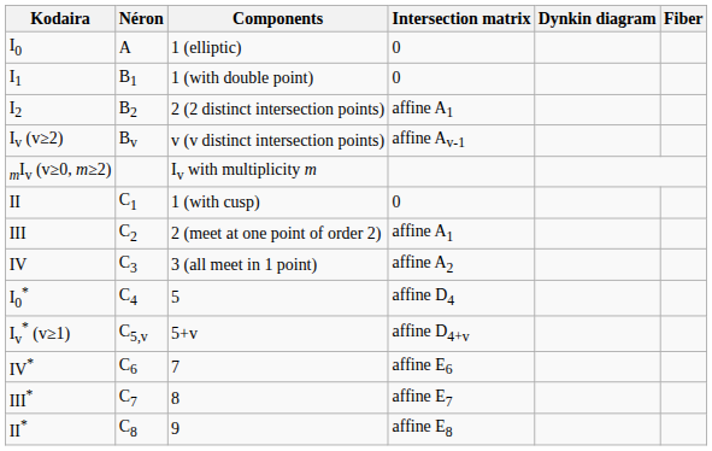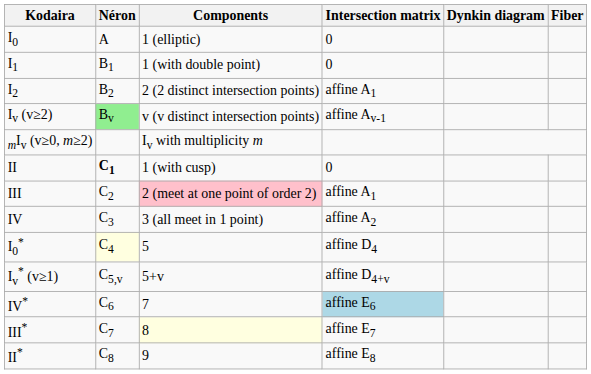 <table class="wikitable">
 <tr>
 <th>Kodaira</th>
 <th>Néron</th>
 <th>Components</th>
 <th>Intersection matrix</th>
 <th>Dynkin diagram</th>
 <th>Fiber</th>
 </tr>
 <tr>
 <td>I<sub>0</sub></td>
 <td>A</td>
 <td>1 (elliptic)</td>
 <td>0</td>
 <td></td>
 <td></td>
 </tr>
 <tr>
 <td>I<sub>1</sub></td>
 <td>B<sub>1</sub></td>
 <td>1 (with double point)</td>
 <td>0</td>
 <td></td>
 <td></td>
 </tr>
 <tr>
 <td>I<sub>2</sub></td>
 <td>B<sub>2</sub></td>
 <td>2 (2 distinct intersection points)</td>
 <td>affine A<sub>1</sub></td>
 <td></td>
 <td></td>
 </tr>
 <tr>
 <td>I<sub>v</sub> (v≥2)</td>
-<td>B<sub>v</sub></td>
+<td style="background: lightgreen;">B<sub>v</sub></td>
 <td>v (v distinct intersection points)</td>
 <td>affine A<sub>v-1</sub></td>
 <td></td>
 <td></td>
 </tr>
 <tr>
 <td><sub><em>m</em></sub>I<sub>v</sub> (v≥0, <em>m</em>≥2)</td>
 <td></td>
 <td>I<sub>v</sub> with multiplicity <em>m</em></td>
 <td></td>
 </tr>
 <tr>
 <td>II</td>
-<td>C<sub>1</sub></td>
+<td><strong>C<sub>1</sub></strong></td>
 <td>1 (with cusp)</td>
 <td>0</td>
 <td></td>
 <td></td>
 </tr>
 <tr>
 <td>III</td>
 <td>C<sub>2</sub></td>
-<td>2 (meet at one point of order 2)</td>
+<td style="background: pink;">2 (meet at one point of order 2)</td>
 <td>affine A<sub>1</sub></td>
 <td></td>
 <td></td>
 </tr>
 <tr>
 <td>IV</td>
 <td>C<sub>3</sub></td>
 <td>3 (all meet in 1 point)</td>
 <td>affine A<sub>2</sub></td>
 <td></td>
 <td></td>
 </tr>
 <tr>
 <td>I<sub>0</sub><sup>*</sup></td>
-<td>C<sub>4</sub></td>
+<td style="background: lightyellow;">C<sub>4</sub></td>
 <td>5</td>
 <td>affine D<sub>4</sub></td>
 <td></td>
 <td></td>
 </tr>
 <tr>
 <td>I<sub>v</sub><sup>*</sup> (v≥1)</td>
 <td>C<sub>5,v</sub></td>
 <td>5+v</td>
 <td>affine D<sub>4+v</sub></td>
 <td></td>
 <td></td>
 </tr>
 <tr>
 <td>IV<sup>*</sup></td>
 <td>C<sub>6</sub></td>
 <td>7</td>
-<td>affine E<sub>6</sub></td>
+<td style="background: lightblue;">affine E<sub>6</sub></td>
 <td></td>
 <td></td>
 </tr>
 <tr>
 <td>III<sup>*</sup></td>
 <td>C<sub>7</sub></td>
-<td>8</td>
+<td style="background: lightyellow;">8</td>
 <td>affine E<sub>7</sub></td>
 <td></td>
 <td></td>
 </tr>
 <tr>
 <td>II<sup>*</sup></td>
 <td>C<sub>8</sub></td>
 <td>9</td>
 <td>affine E<sub>8</sub></td>
 <td></td>
 <td></td>
 </tr>
 </table>
